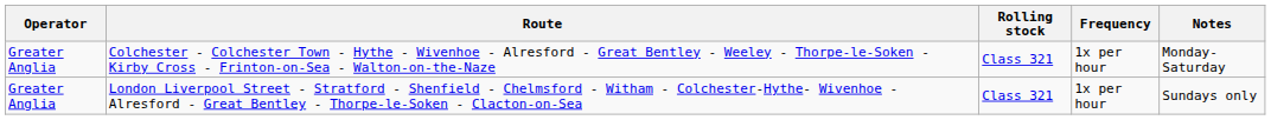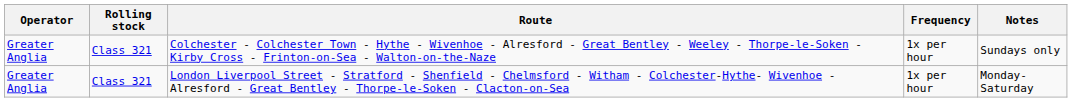 <table class="wikitable vatop">
 <tr>
 <th>Operator</th>
+<th>Rolling stock</th>
 <th>Route</th>
-<th>Rolling stock</th>
 <th>Frequency</th>
 <th>Notes</th>
 </tr>
 <tr>
 <td><a href='#'>Greater Anglia</a></td>
+<td><a href='#'>Class 321</a></td>
 <td><a href='#'>Colchester</a> - <a href='#'>Colchester Town</a> - <a href='#'>Hythe</a> - <a href='#'>Wivenhoe</a> - Alresford - <a href='#'>Great Bentley</a> - <a href='#'>Weeley</a> - <a href='#'>Thorpe-le-Soken</a> - <a href='#'>Kirby Cross</a> - <a href='#'>Frinton-on-Sea</a> - <a href='#'>Walton-on-the-Naze</a></td>
+<td>1x per hour</td>
+<td>Sundays only</td>
+</tr>
+<tr>
+<td><a href='#'>Greater Anglia</a></td>
 <td><a href='#'>Class 321</a></td>
+<td><a href='#'>London Liverpool Street</a> - <a href='#'>Stratford</a> - <a href='#'>Shenfield</a> - <a href='#'>Chelmsford</a> - <a href='#'>Witham</a> - <a href='#'>Colchester</a>-<a href='#'>Hythe</a>- <a href='#'>Wivenhoe</a> - Alresford - <a href='#'>Great Bentley</a> - <a href='#'>Thorpe-le-Soken</a> - <a href='#'>Clacton-on-Sea</a></td>
 <td>1x per hour</td>
 <td>Monday-Saturday</td>
 </tr>
-<tr>
-<td><a href='#'>Greater Anglia</a></td>
-<td><a href='#'>London Liverpool Street</a> - <a href='#'>Stratford</a> - <a href='#'>Shenfield</a> - <a href='#'>Chelmsford</a> - <a href='#'>Witham</a> - <a href='#'>Colchester</a>-<a href='#'>Hythe</a>- <a href='#'>Wivenhoe</a> - Alresford - <a href='#'>Great Bentley</a> - <a href='#'>Thorpe-le-Soken</a> - <a href='#'>Clacton-on-Sea</a></td>
-<td><a href='#'>Class 321</a></td>
-<td>1x per hour</td>
-<td>Sundays only</td>
-</tr>
 </table>
